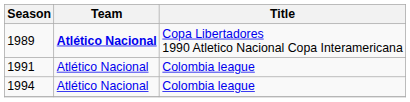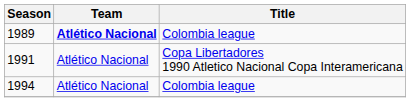 <table class="wikitable">
 <tr>
 <th>Season</th>
 <th>Team</th>
 <th>Title</th>
 </tr>
 <tr>
 <td>1989</td>
 <td><strong><a href='#'>Atlético Nacional</a></strong></td>
-<td><a href='#'>Copa Libertadores</a><br>1990 Atletico Nacional Copa Interamericana</td>
+<td><a href='#'>Colombia league</a></td>
 </tr>
 <tr>
 <td>1991</td>
 <td><a href='#'>Atlético Nacional</a></td>
-<td><a href='#'>Colombia league</a></td>
+<td><a href='#'>Copa Libertadores</a><br>1990 Atletico Nacional Copa Interamericana</td>
 </tr>
 <tr>
 <td>1994</td>
 <td><a href='#'>Atlético Nacional</a></td>
 <td><a href='#'>Colombia league</a></td>
 </tr>
 <tr>
 </tr>
 </table>
